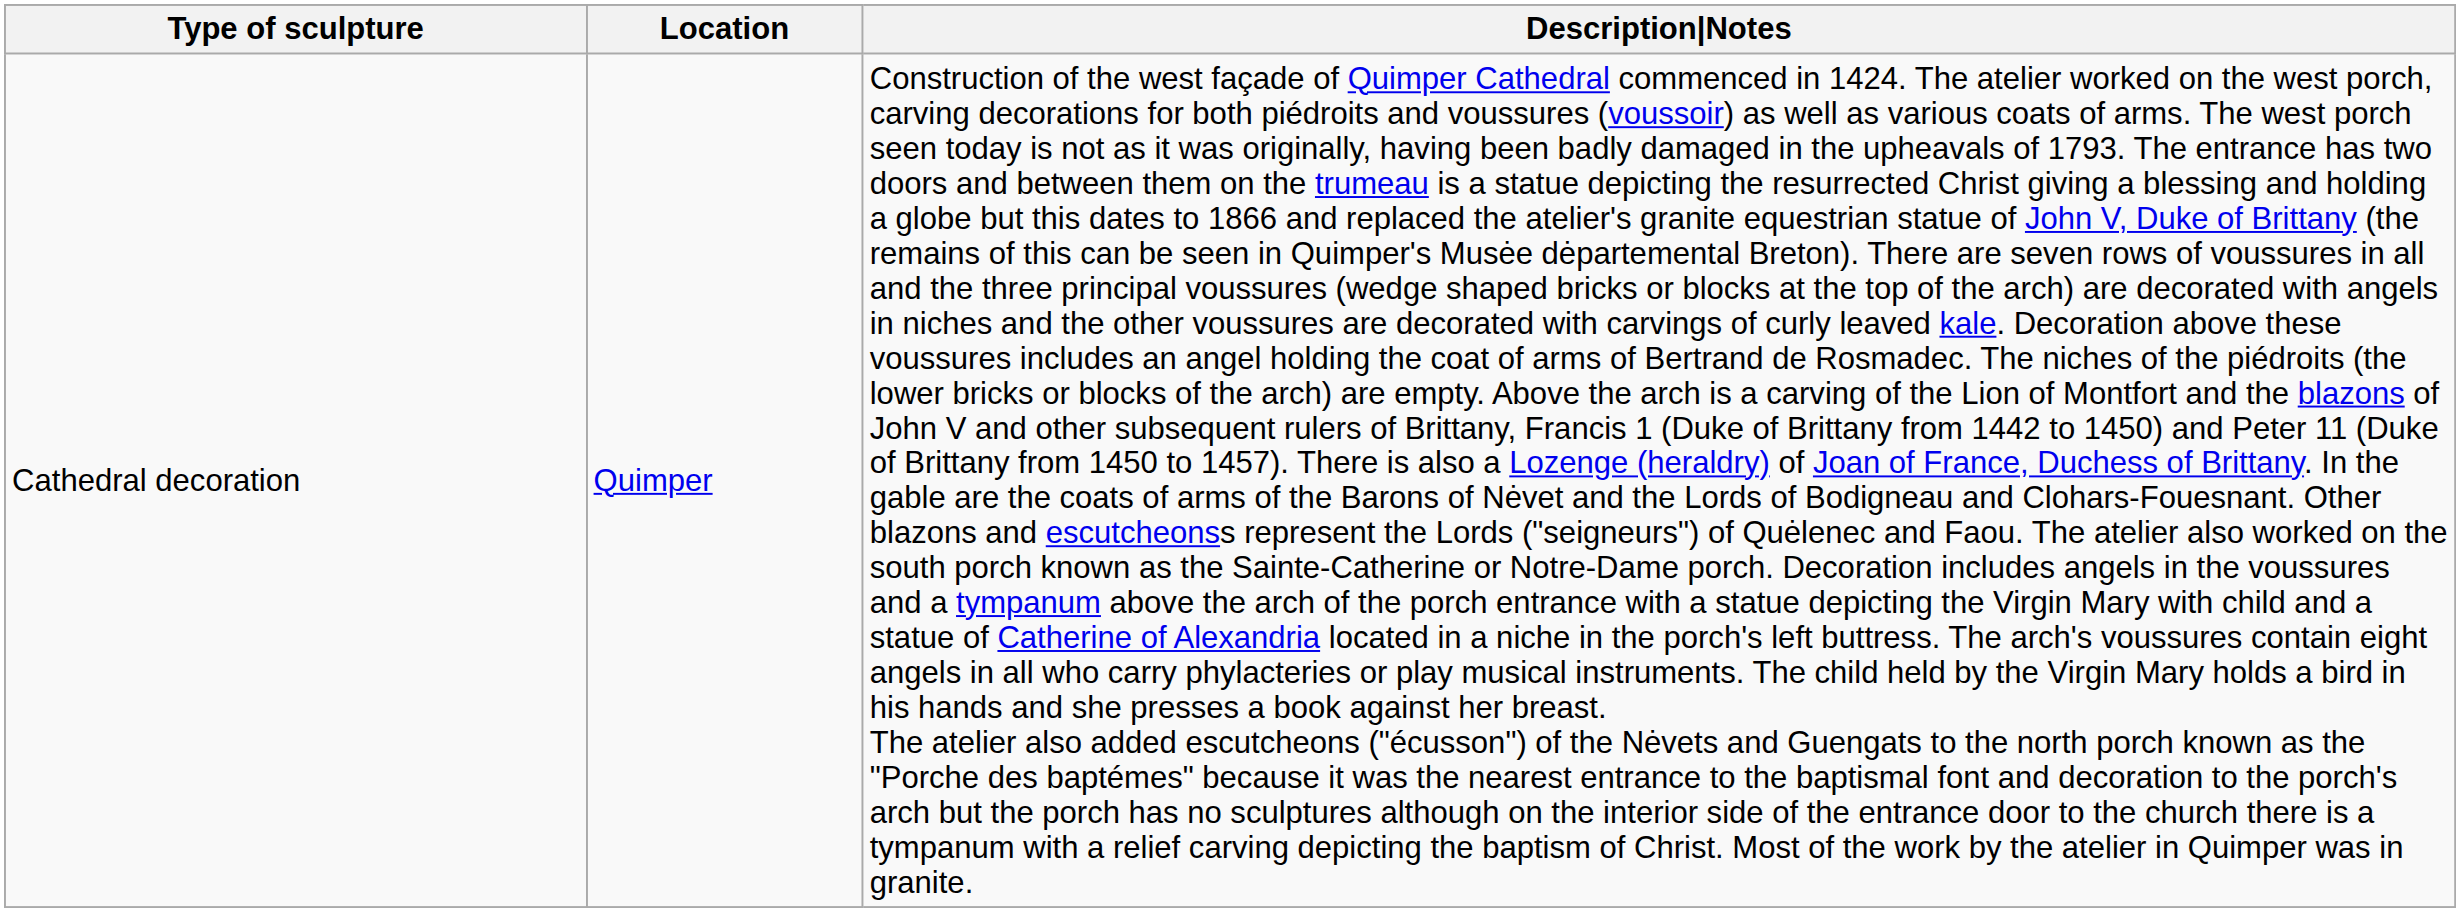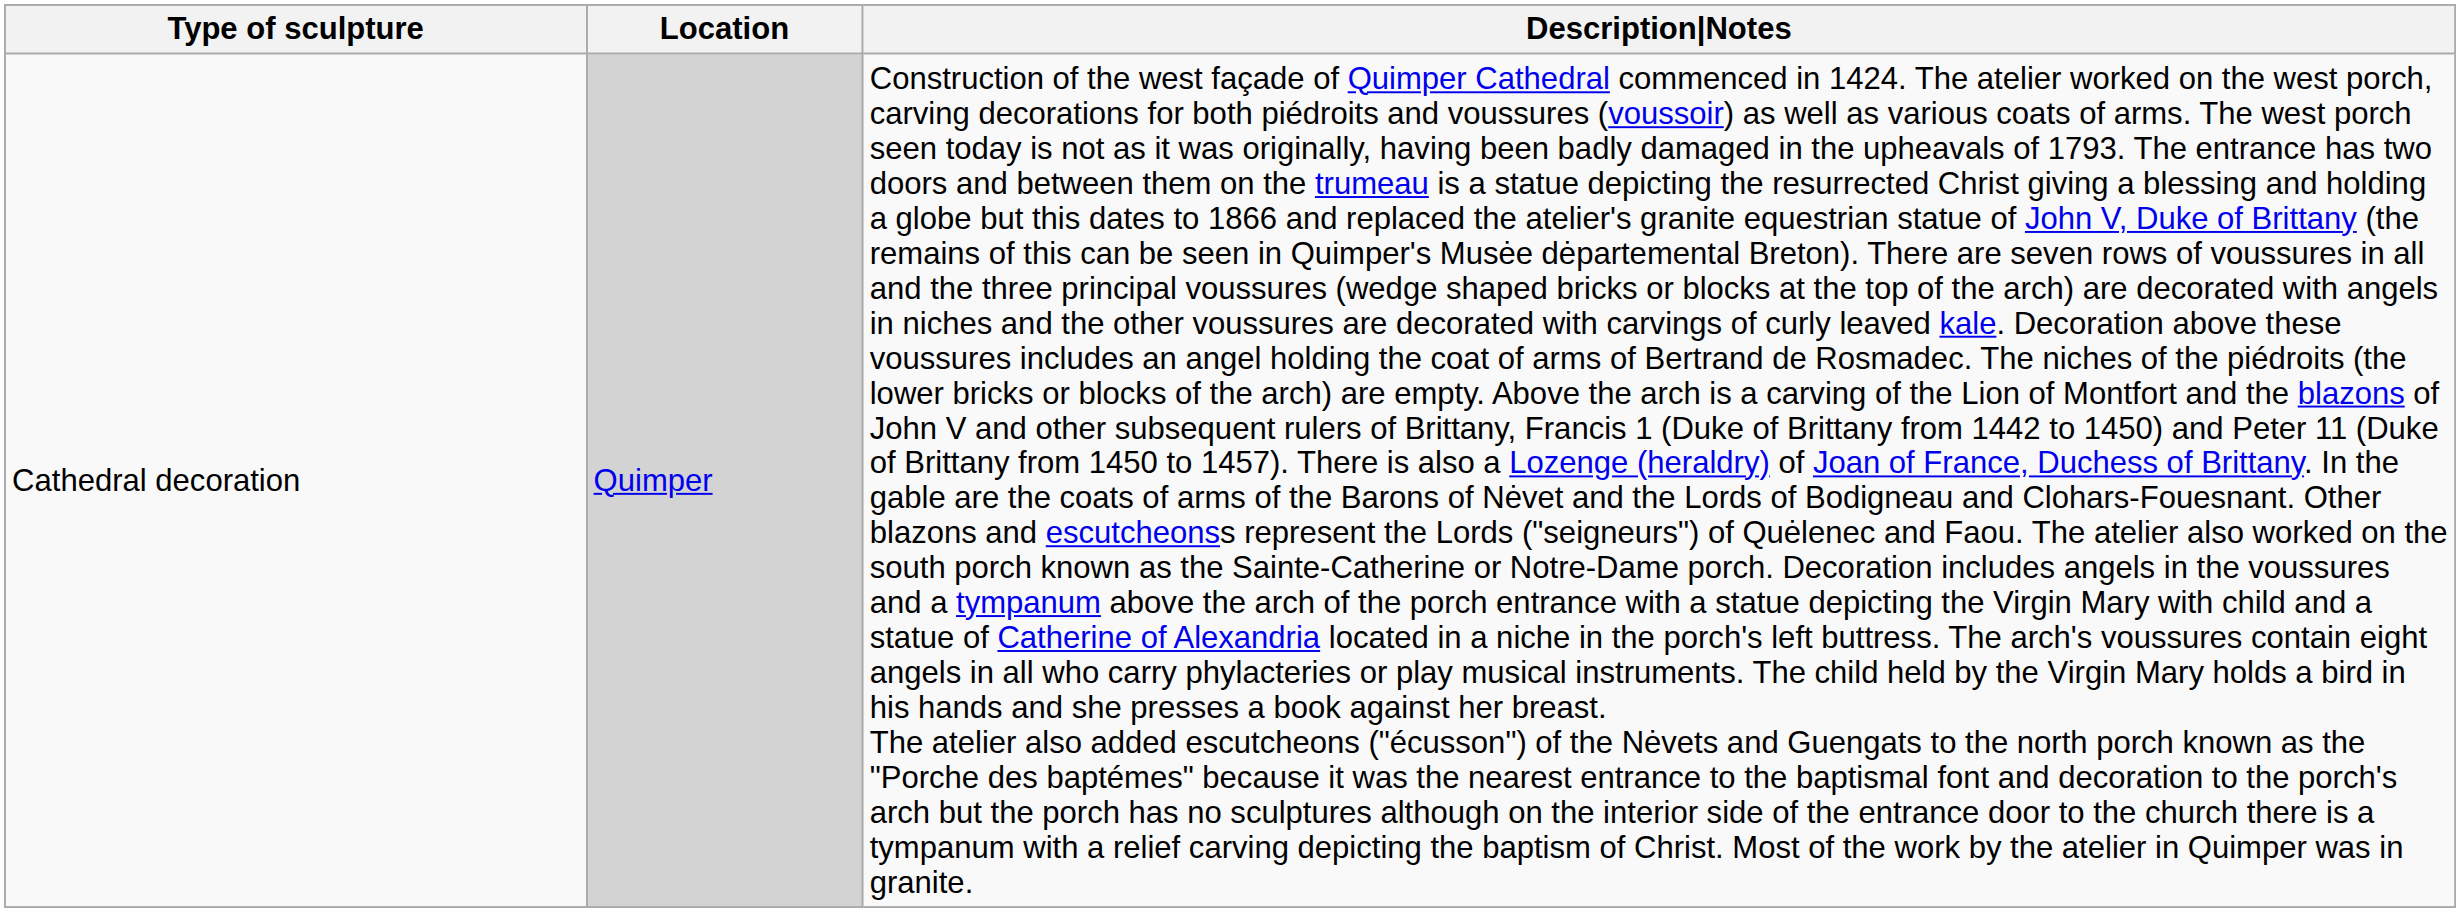 <table class="wikitable sortable" style="width:100%; margin-top:0.5em;">
 <tr>
 <th scope="col">Type of sculpture</th>
 <th scope="col">Location</th>
 <th scope="col" style="width:65%;">Description|Notes</th>
 </tr>
 <tr>
 <td>Cathedral decoration</td>
-<td><a href='#'>Quimper</a></td>
+<td style="background: lightgrey;"><a href='#'>Quimper</a></td>
 <td>Construction of the west façade of <a href='#'>Quimper Cathedral</a> commenced in 1424. The atelier worked on the west porch, carving decorations for both piédroits and voussures (<a href='#'>voussoir</a>) as well as various coats of arms. The west porch seen today is not as it was originally, having been badly damaged in the upheavals of 1793. The entrance has two doors and between them on the <a href='#'>trumeau</a> is a statue depicting the resurrected Christ giving a blessing and holding a globe but this dates to 1866 and replaced the atelier's granite equestrian statue of <a href='#'>John V, Duke of Brittany</a> (the remains of this can be seen in Quimper's Musėe dėpartemental Breton). There are seven rows of voussures in all and the three principal voussures (wedge shaped bricks or blocks at the top of the arch) are decorated with angels in niches and the other voussures are decorated with carvings of curly leaved <a href='#'>kale</a>. Decoration above these voussures includes an angel holding the coat of arms of Bertrand de Rosmadec. The niches of the piédroits (the lower bricks or blocks of the arch) are empty. Above the arch is a carving of the Lion of Montfort and the <a href='#'>blazons</a> of John V and other subsequent rulers of Brittany, Francis 1 (Duke of Brittany from 1442 to 1450) and Peter 11 (Duke of Brittany from 1450 to 1457). There is also a <a href='#'>Lozenge (heraldry)</a> of <a href='#'>Joan of France, Duchess of Brittany</a>. In the gable are the coats of arms of the Barons of Nėvet and the Lords of Bodigneau and Clohars-Fouesnant. Other blazons and <a href='#'>escutcheons</a>s represent the Lords  ("seigneurs") of Quėlenec and Faou. The atelier also worked on the south porch known as the Sainte-Catherine or Notre-Dame porch. Decoration includes angels in the voussures and a <a href='#'>tympanum</a> above the arch of the porch entrance with a statue depicting the Virgin Mary with child and a statue of <a href='#'>Catherine of Alexandria</a> located in a niche in the porch's left buttress. The arch's voussures contain eight angels in all who carry phylacteries or play musical instruments. The child held by the Virgin Mary holds a bird in his hands and she presses a book against her breast.<br> The atelier also added escutcheons ("écusson") of the Nėvets and Guengats to the north porch known as the "Porche des baptémes" because it was the nearest entrance to the baptismal font and decoration to the porch's arch but the porch has no sculptures although on the interior side of the entrance door to the church there is a tympanum with a relief carving depicting the baptism of Christ.  Most of the work by the atelier in Quimper was in granite.</td>
 </tr>
 </table>
